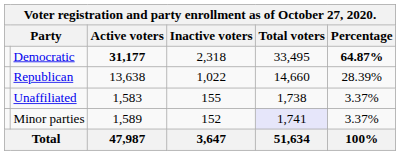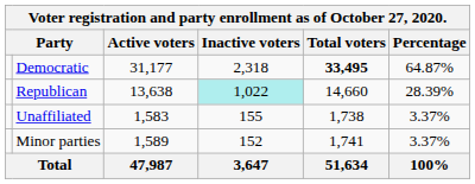 <table class="wikitable">
 <tr>
 <th colspan="6">Voter registration and party enrollment as of October 27, 2020.</th>
 </tr>
 <tr>
 <th colspan="2">Party</th>
 <th>Active voters</th>
 <th>Inactive voters</th>
 <th>Total voters</th>
 <th>Percentage</th>
 </tr>
 <tr>
 <td></td>
 <td><a href='#'>Democratic</a></td>
-<td style="text-align:center;"><strong>31,177</strong></td>
+<td style="text-align:center;">31,177</td>
 <td style="text-align:center;">2,318</td>
-<td style="text-align:center;">33,495</td>
-<td style="text-align:center;"><strong>64.87%</strong></td>
+<td style="text-align:center;"><strong>33,495</strong></td>
+<td style="text-align:center;">64.87%</td>
 </tr>
 <tr>
 <td></td>
 <td><a href='#'>Republican</a></td>
 <td style="text-align:center;">13,638</td>
-<td style="text-align:center;">1,022</td>
+<td style="background: paleturquoise; text-align:center;">1,022</td>
 <td style="text-align:center;">14,660</td>
 <td style="text-align:center;">28.39%</td>
 </tr>
 <tr>
 <td></td>
 <td><a href='#'>Unaffiliated</a></td>
 <td style="text-align:center;">1,583</td>
 <td style="text-align:center;">155</td>
 <td style="text-align:center;">1,738</td>
 <td style="text-align:center;">3.37%</td>
 </tr>
 <tr>
 <td></td>
 <td>Minor parties</td>
 <td style="text-align:center;">1,589</td>
 <td style="text-align:center;">152</td>
-<td style="background: lavender; text-align:center;">1,741</td>
+<td style="text-align:center;">1,741</td>
 <td style="text-align:center;">3.37%</td>
 </tr>
 <tr>
 <th colspan="2">Total</th>
 <th style="text-align:center;">47,987</th>
 <th style="text-align:center;">3,647</th>
 <th style="text-align:center;">51,634</th>
 <th style="text-align:center;">100%</th>
 </tr>
 </table>
